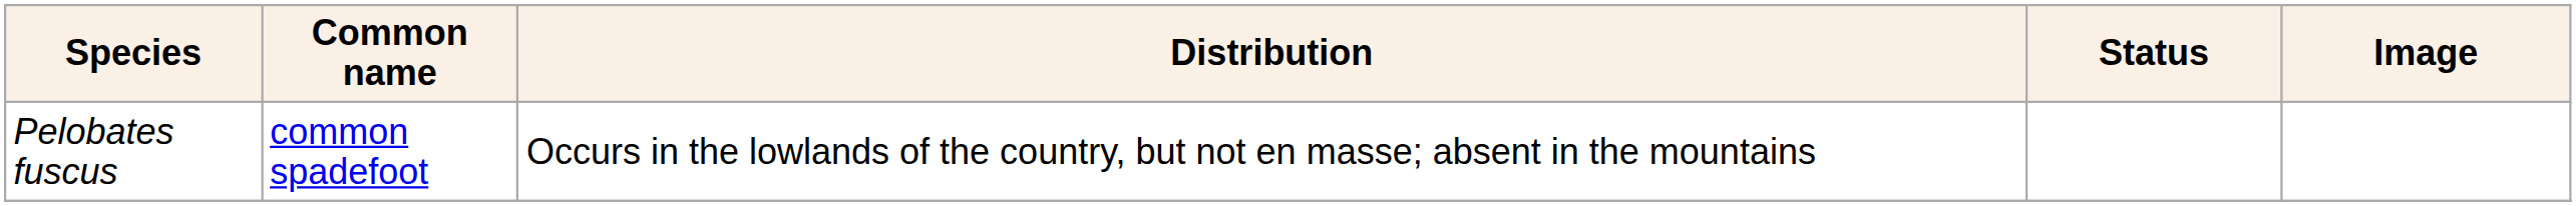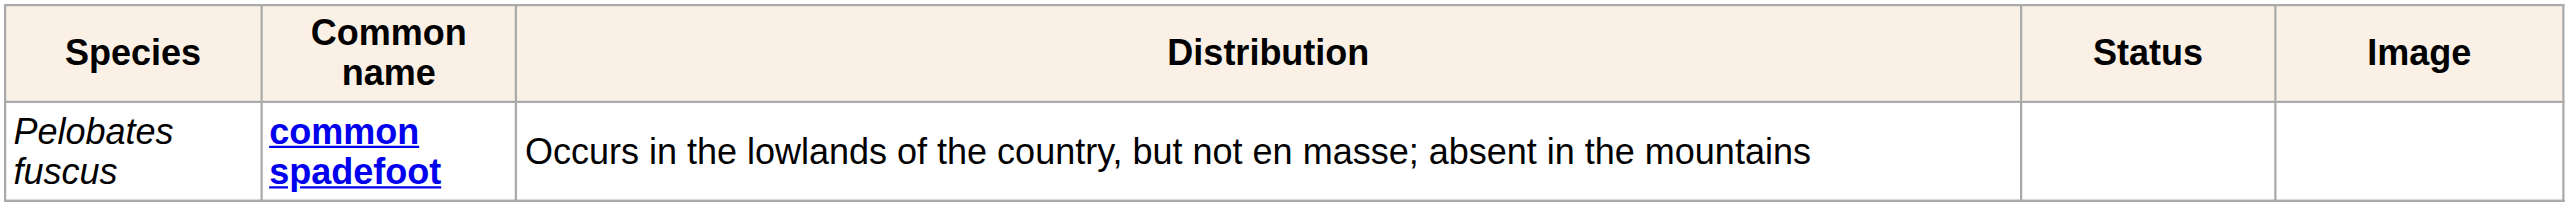 <table class="sortable wikitable plainrowheaders" border="0" style="background:#ffffff; width: 90%" align="top" class="sortable wikitable">
 <tr ->
 <th scope="col" style="background-color:Linen; color:Black; width:10%">Species</th>
 <th scope="col" style="background-color:Linen; color:Black; width:10%">Common name</th>
 <th scope="col" style="background:Linen; color:Black">Distribution</th>
 <th scope="col" style="background-color:Linen; color:Black; width:10%">Status</th>
 <th scope="col" style="background:Linen; color:Black; width:120px">Image</th>
 </tr>
 <tr>
 <td !scope="row" style="background:#ffffff"><em>Pelobates fuscus</em></td>
-<td><a href='#'>common spadefoot</a></td>
+<td><strong><a href='#'>common spadefoot</a></strong></td>
 <td>Occurs in the lowlands of the country, but not en masse; absent in the mountains</td>
 <td><div></div></td>
 <td></td>
 </tr>
 <tr>
 </tr>
 </table>
